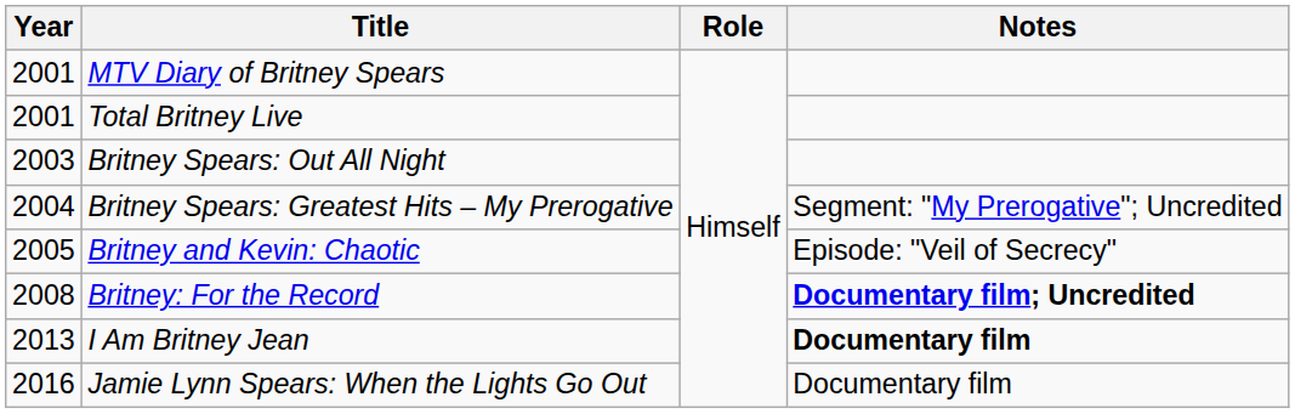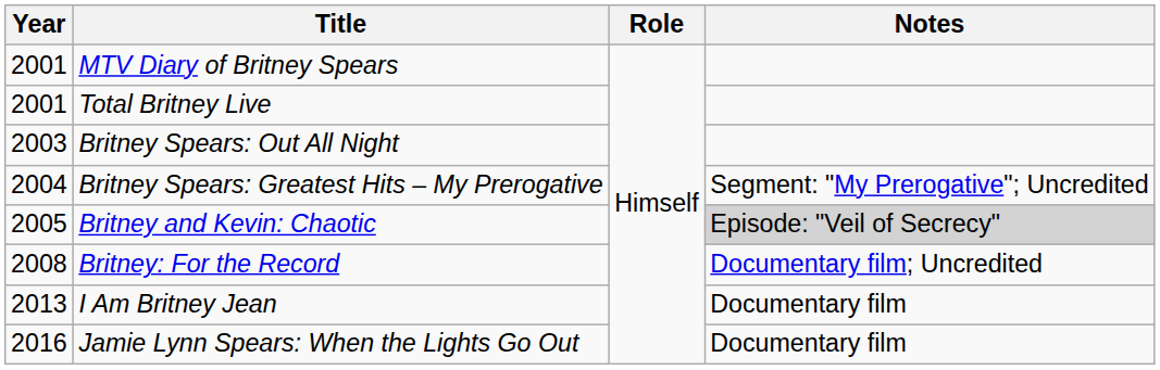 <table class="wikitable">
 <tr>
 <th>Year</th>
 <th>Title</th>
 <th>Role</th>
 <th>Notes</th>
 </tr>
 <tr>
 <td>2001</td>
 <td><em><a href='#'>MTV Diary</a> of Britney Spears</em></td>
 <td rowspan="8">Himself</td>
 <td></td>
 </tr>
 <tr>
 <td>2001</td>
 <td><em>Total Britney Live</em></td>
 <td></td>
 </tr>
 <tr>
 <td>2003</td>
 <td><em>Britney Spears: Out All Night</em></td>
 <td></td>
 </tr>
 <tr>
 <td>2004</td>
 <td><em>Britney Spears: Greatest Hits – My Prerogative</em></td>
 <td>Segment: "<a href='#'>My Prerogative</a>"; Uncredited</td>
 </tr>
 <tr>
 <td>2005</td>
 <td><em><a href='#'>Britney and Kevin: Chaotic</a></em></td>
-<td>Episode: "Veil of Secrecy"</td>
+<td style="background: lightgrey;">Episode: "Veil of Secrecy"</td>
 </tr>
 <tr>
 <td>2008</td>
 <td><em><a href='#'>Britney: For the Record</a></em></td>
-<td><strong><a href='#'>Documentary film</a>; Uncredited</strong></td>
+<td><a href='#'>Documentary film</a>; Uncredited</td>
 </tr>
 <tr>
 <td>2013</td>
 <td><em>I Am Britney Jean</em></td>
-<td><strong>Documentary film</strong></td>
+<td>Documentary film</td>
 </tr>
 <tr>
 <td>2016</td>
 <td><em>Jamie Lynn Spears: When the Lights Go Out</em></td>
 <td>Documentary film</td>
 </tr>
 </table>
